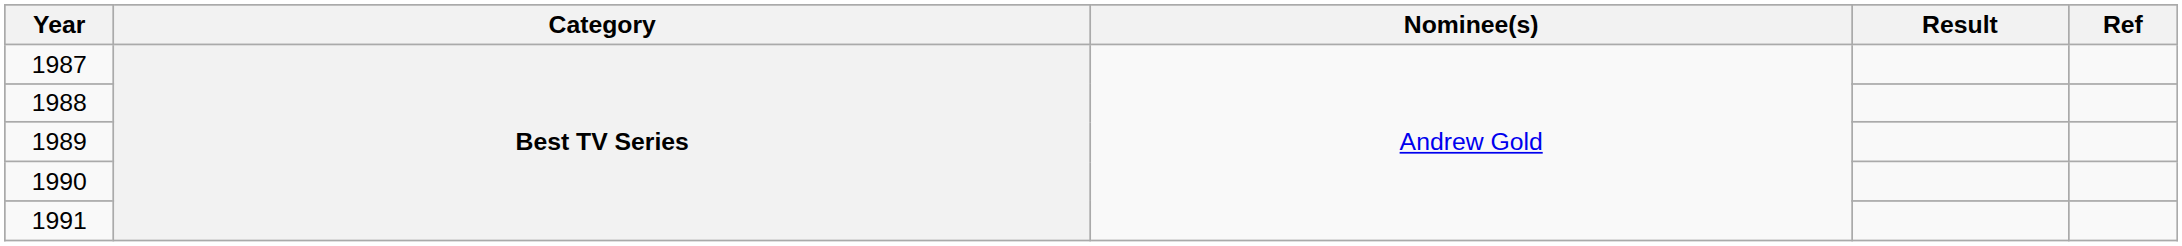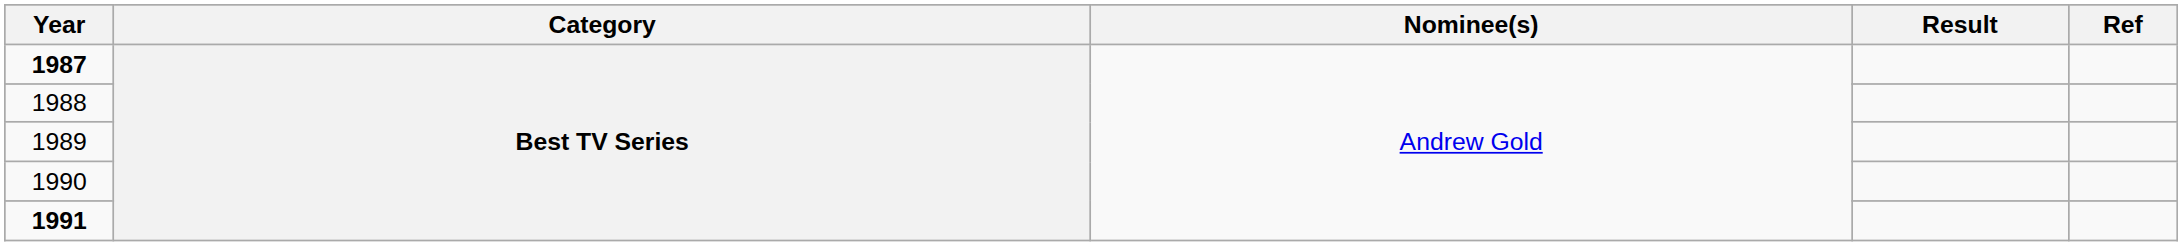 <table class="wikitable plainrowheaders" style="font-size: 90%; text-align:center" width=100%>
 <tr>
 <th scope="col" width="5%">Year</th>
 <th scope="col" width="45%">Category</th>
 <th scope="col" width="35%">Nominee(s)</th>
 <th scope="col" width="10%">Result</th>
 <th scope="col" width="5%">Ref</th>
 </tr>
 <tr>
-<td>1987</td>
+<td><strong>1987</strong></td>
 <th scope="row" style="text-align:center" rowspan=5>Best TV Series</th>
 <td rowspan="5"><a href='#'>Andrew Gold</a></td>
 <td></td>
 <td></td>
 </tr>
 <tr>
 <td>1988</td>
 <td></td>
 <td></td>
 </tr>
 <tr>
 <td>1989</td>
 <td></td>
 <td></td>
 </tr>
 <tr>
 <td>1990</td>
 <td></td>
 <td></td>
 </tr>
 <tr>
-<td>1991</td>
+<td><strong>1991</strong></td>
 <td></td>
 <td></td>
 </tr>
 </table>
